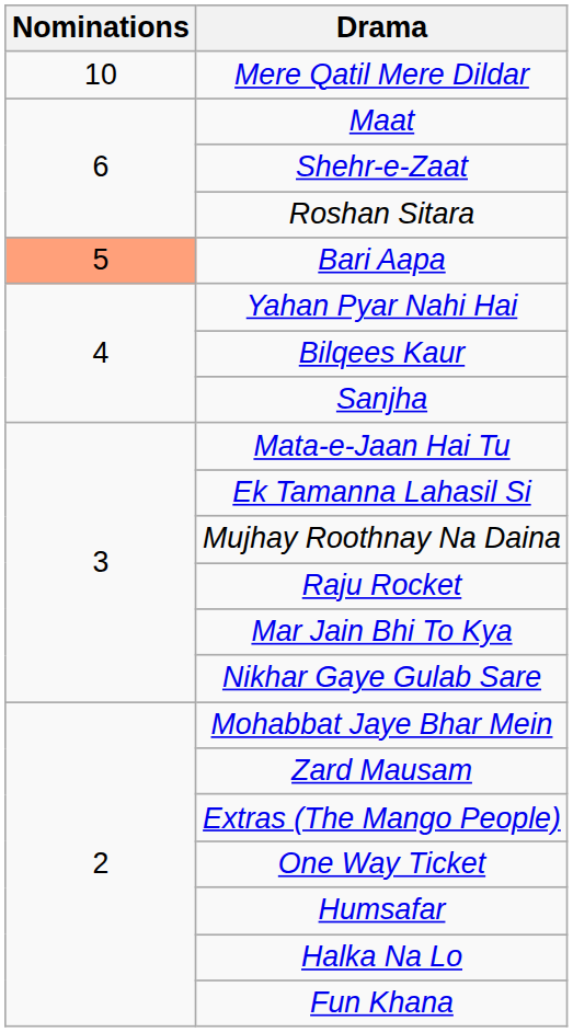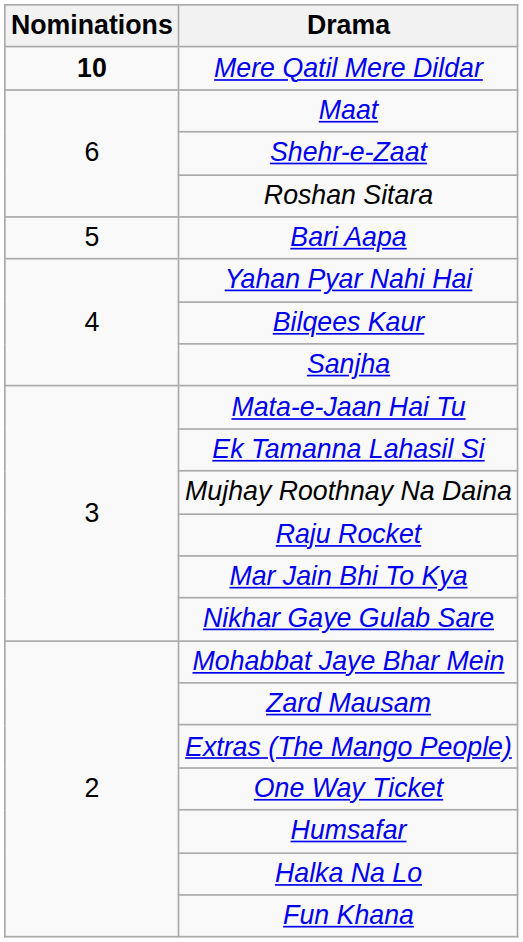 <table class="wikitable sortable" style="text-align:center">
 <tr>
 <th scope="col">Nominations</th>
 <th scope="col">Drama</th>
 </tr>
 <tr>
-<td>10</td>
+<td><strong>10</strong></td>
 <td><em><a href='#'>Mere Qatil Mere Dildar</a></em></td>
 </tr>
 <tr>
 <td rowspan=3 style="text-align:center">6</td>
 <td><em><a href='#'>Maat</a></em></td>
 </tr>
 <tr>
 <td><em><a href='#'>Shehr-e-Zaat</a></em></td>
 </tr>
 <tr>
 <td><em>Roshan Sitara</em></td>
 </tr>
 <tr>
-<td style="background: lightsalmon;">5</td>
+<td>5</td>
 <td><em><a href='#'>Bari Aapa</a></em></td>
 </tr>
 <tr>
 <td rowspan=3>4</td>
 <td><em><a href='#'>Yahan Pyar Nahi Hai</a></em></td>
 </tr>
 <tr>
 <td><em><a href='#'>Bilqees Kaur</a></em></td>
 </tr>
 <tr>
 <td><em><a href='#'>Sanjha</a></em></td>
 </tr>
 <tr>
 <td rowspan=6>3</td>
 <td><em><a href='#'>Mata-e-Jaan Hai Tu</a></em></td>
 </tr>
 <tr>
 <td><em><a href='#'>Ek Tamanna Lahasil Si</a></em></td>
 </tr>
 <tr>
 <td><em>Mujhay Roothnay Na Daina</em></td>
 </tr>
 <tr>
 <td><em><a href='#'>Raju Rocket</a></em></td>
 </tr>
 <tr>
 <td><em><a href='#'>Mar Jain Bhi To Kya</a></em></td>
 </tr>
 <tr>
 <td><em><a href='#'>Nikhar Gaye Gulab Sare</a></em></td>
 </tr>
 <tr>
 <td rowspan=7>2</td>
 <td><em><a href='#'>Mohabbat Jaye Bhar Mein</a></em></td>
 </tr>
 <tr>
 <td><em><a href='#'>Zard Mausam</a></em></td>
 </tr>
 <tr>
 <td><em><a href='#'>Extras (The Mango People)</a></em></td>
 </tr>
 <tr>
 <td><em><a href='#'>One Way Ticket</a></em></td>
 </tr>
 <tr>
 <td><em><a href='#'>Humsafar</a></em></td>
 </tr>
 <tr>
 <td><em><a href='#'>Halka Na Lo</a></em></td>
 </tr>
 <tr>
 <td><em><a href='#'>Fun Khana</a></em></td>
 </tr>
 </table>
